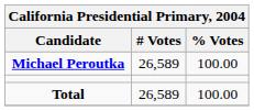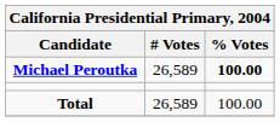 <table class=wikitable style="text-align:center;">
 <tr bgcolor=lightgrey>
 <th colspan="4">California Presidential Primary, 2004 </th>
 </tr>
 <tr bgcolor=lightgrey>
 <th>Candidate</th>
 <th># Votes</th>
 <th>% Votes</th>
 </tr>
 <tr>
 <td><strong><a href='#'>Michael Peroutka</a></strong></td>
 <td>26,589</td>
-<td>100.00</td>
+<td><strong>100.00</strong></td>
 </tr>
 <tr>
 <td></td>
 <td></td>
 <td></td>
 </tr>
 <tr>
 <td><strong>Total</strong></td>
 <td>26,589</td>
 <td>100.00</td>
 </tr>
 <tr>
 </tr>
 </table>
